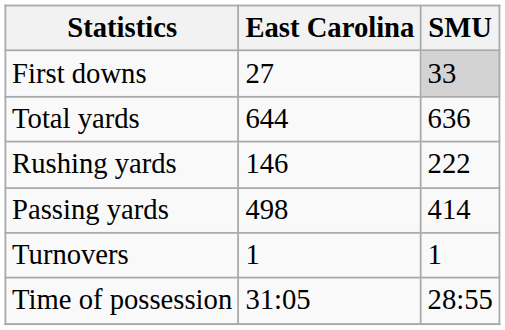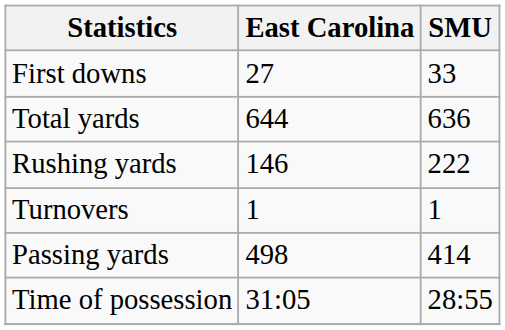 <table class="wikitable" style="float: right;">
 <tr>
 <th>Statistics</th>
 <th>East Carolina</th>
 <th>SMU</th>
 </tr>
 <tr>
 <td>First downs</td>
 <td>27</td>
-<td style="background: lightgrey;">33</td>
+<td>33</td>
 </tr>
 <tr>
 <td>Total yards</td>
 <td>644</td>
 <td>636</td>
 </tr>
 <tr>
 <td>Rushing yards</td>
 <td>146</td>
 <td>222</td>
 </tr>
 <tr>
+<td>Turnovers</td>
+<td>1</td>
+<td>1</td>
+</tr>
+<tr>
 <td>Passing yards</td>
 <td>498</td>
 <td>414</td>
-</tr>
-<tr>
-<td>Turnovers</td>
-<td>1</td>
-<td>1</td>
 </tr>
 <tr>
 <td>Time of possession</td>
 <td>31:05</td>
 <td>28:55</td>
 </tr>
 <tr>
 </tr>
 </table>
